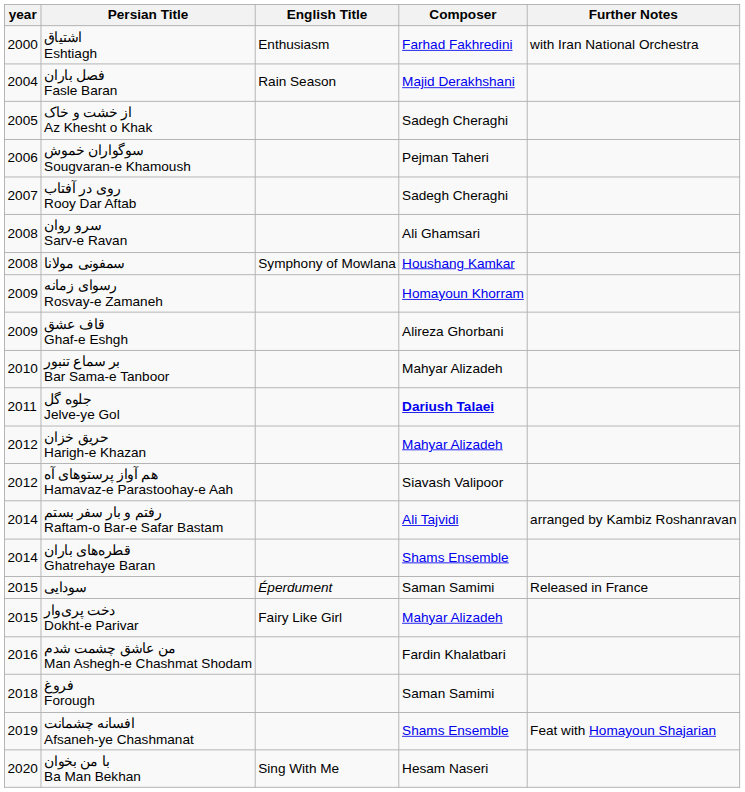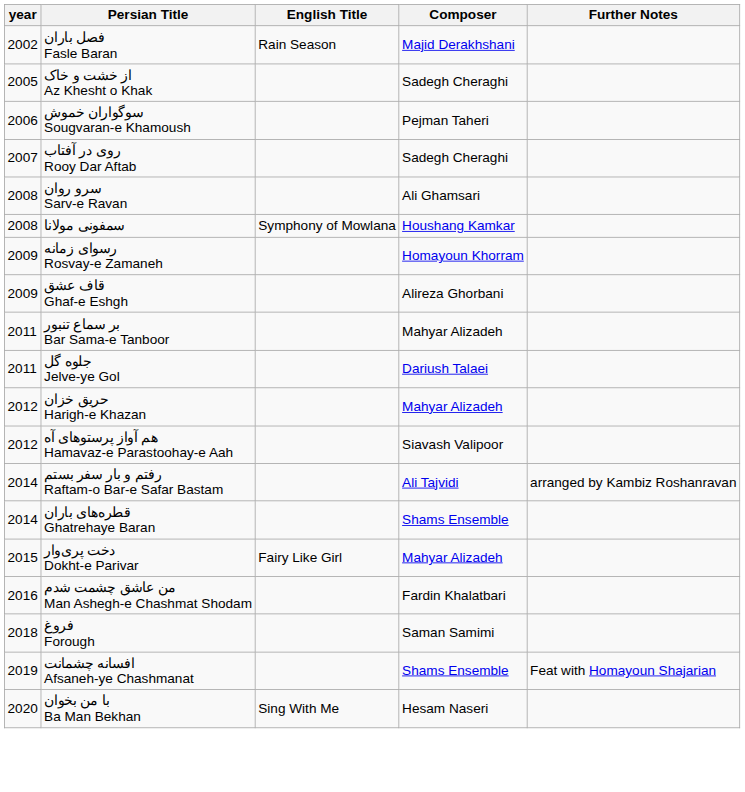 <table class="wikitable">
 <tr>
 <th>year</th>
 <th>Persian Title</th>
 <th>English Title</th>
 <th>Composer</th>
 <th>Further Notes</th>
 </tr>
 <tr>
-<td>2000</td>
-<td>اشتیاق<br>Eshtiagh</td>
-<td>Enthusiasm</td>
-<td><a href='#'>Farhad Fakhredini</a></td>
-<td>with Iran National Orchestra</td>
-</tr>
-<tr>
-<td>2004</td>
+<td>2002</td>
 <td>فصل باران<br>Fasle Baran</td>
 <td>Rain Season</td>
 <td><a href='#'>Majid Derakhshani</a></td>
 <td></td>
 </tr>
 <tr>
 <td>2005</td>
 <td>از خشت و خاک<br>Az Khesht o Khak</td>
 <td></td>
 <td>Sadegh Cheraghi</td>
 <td></td>
 </tr>
 <tr>
 <td>2006</td>
 <td>سوگواران خموش<br>Sougvaran-e Khamoush</td>
 <td></td>
 <td>Pejman Taheri</td>
 <td></td>
 </tr>
 <tr>
 <td>2007</td>
 <td>روی در آفتاب<br>Rooy Dar Aftab</td>
 <td></td>
 <td>Sadegh Cheraghi</td>
 <td></td>
 </tr>
 <tr>
 <td>2008</td>
 <td>سرو روان<br>Sarv-e Ravan</td>
 <td></td>
 <td>Ali Ghamsari</td>
 <td></td>
 </tr>
 <tr>
 <td>2008</td>
 <td>سمفونی مولانا</td>
 <td>Symphony of Mowlana</td>
 <td><a href='#'>Houshang Kamkar</a></td>
 <td></td>
 </tr>
 <tr>
 <td>2009</td>
 <td>رسوای زمانه<br>Rosvay-e Zamaneh</td>
 <td></td>
 <td><a href='#'>Homayoun Khorram</a></td>
 <td></td>
 </tr>
 <tr>
 <td>2009</td>
 <td>قاف عشق<br>Ghaf-e Eshgh</td>
 <td></td>
 <td>Alireza Ghorbani</td>
 <td></td>
 </tr>
 <tr>
-<td>2010</td>
+<td>2011</td>
 <td>بر سماع تنبور<br>Bar Sama-e Tanboor</td>
 <td></td>
 <td>Mahyar Alizadeh</td>
 <td></td>
 </tr>
 <tr>
 <td>2011</td>
 <td>جلوه گل<br>Jelve-ye Gol</td>
 <td></td>
-<td><strong><a href='#'>Dariush Talaei</a></strong></td>
+<td><a href='#'>Dariush Talaei</a></td>
 <td></td>
 </tr>
 <tr>
 <td>2012</td>
 <td>حریق خزان<br>Harigh-e Khazan</td>
 <td></td>
 <td><a href='#'>Mahyar Alizadeh</a></td>
 <td></td>
 </tr>
 <tr>
 <td>2012</td>
 <td>هم آواز پرستوهای آه<br>Hamavaz-e Parastoohay-e Aah</td>
 <td></td>
 <td>Siavash Valipoor</td>
 <td></td>
 </tr>
 <tr>
 <td>2014</td>
 <td>رفتم و بار سفر بستم<br>Raftam-o Bar-e Safar Bastam</td>
 <td></td>
 <td><a href='#'>Ali Tajvidi</a></td>
 <td>arranged by Kambiz Roshanravan</td>
 </tr>
 <tr>
 <td>2014</td>
 <td>قطره‌های باران<br>Ghatrehaye Baran</td>
 <td></td>
 <td><a href='#'>Shams Ensemble</a></td>
 <td></td>
-</tr>
-<tr>
-<td>2015</td>
-<td>سودایی</td>
-<td><em>Éperdument</em></td>
-<td>Saman Samimi</td>
-<td>Released in France</td>
 </tr>
 <tr>
 <td>2015</td>
 <td>دخت پری‌وار<br>Dokht-e Parivar</td>
 <td>Fairy Like Girl</td>
 <td><a href='#'>Mahyar Alizadeh</a></td>
 <td></td>
 </tr>
 <tr>
 <td>2016</td>
 <td>من عاشق چشمت شدم<br>Man Ashegh-e Chashmat Shodam</td>
 <td></td>
 <td>Fardin Khalatbari</td>
 <td></td>
 </tr>
 <tr>
 <td>2018</td>
 <td>فروغ<br>Forough</td>
 <td></td>
 <td>Saman Samimi</td>
 <td></td>
 </tr>
 <tr>
 <td>2019</td>
 <td>افسانه چشمانت<br>Afsaneh-ye Chashmanat</td>
 <td></td>
 <td><a href='#'>Shams Ensemble</a></td>
 <td>Feat with <a href='#'>Homayoun Shajarian</a></td>
 </tr>
 <tr>
 <td>2020</td>
 <td>با من بخوان<br>Ba Man Bekhan</td>
 <td>Sing With Me</td>
 <td>Hesam Naseri</td>
 <td></td>
 </tr>
 </table>
